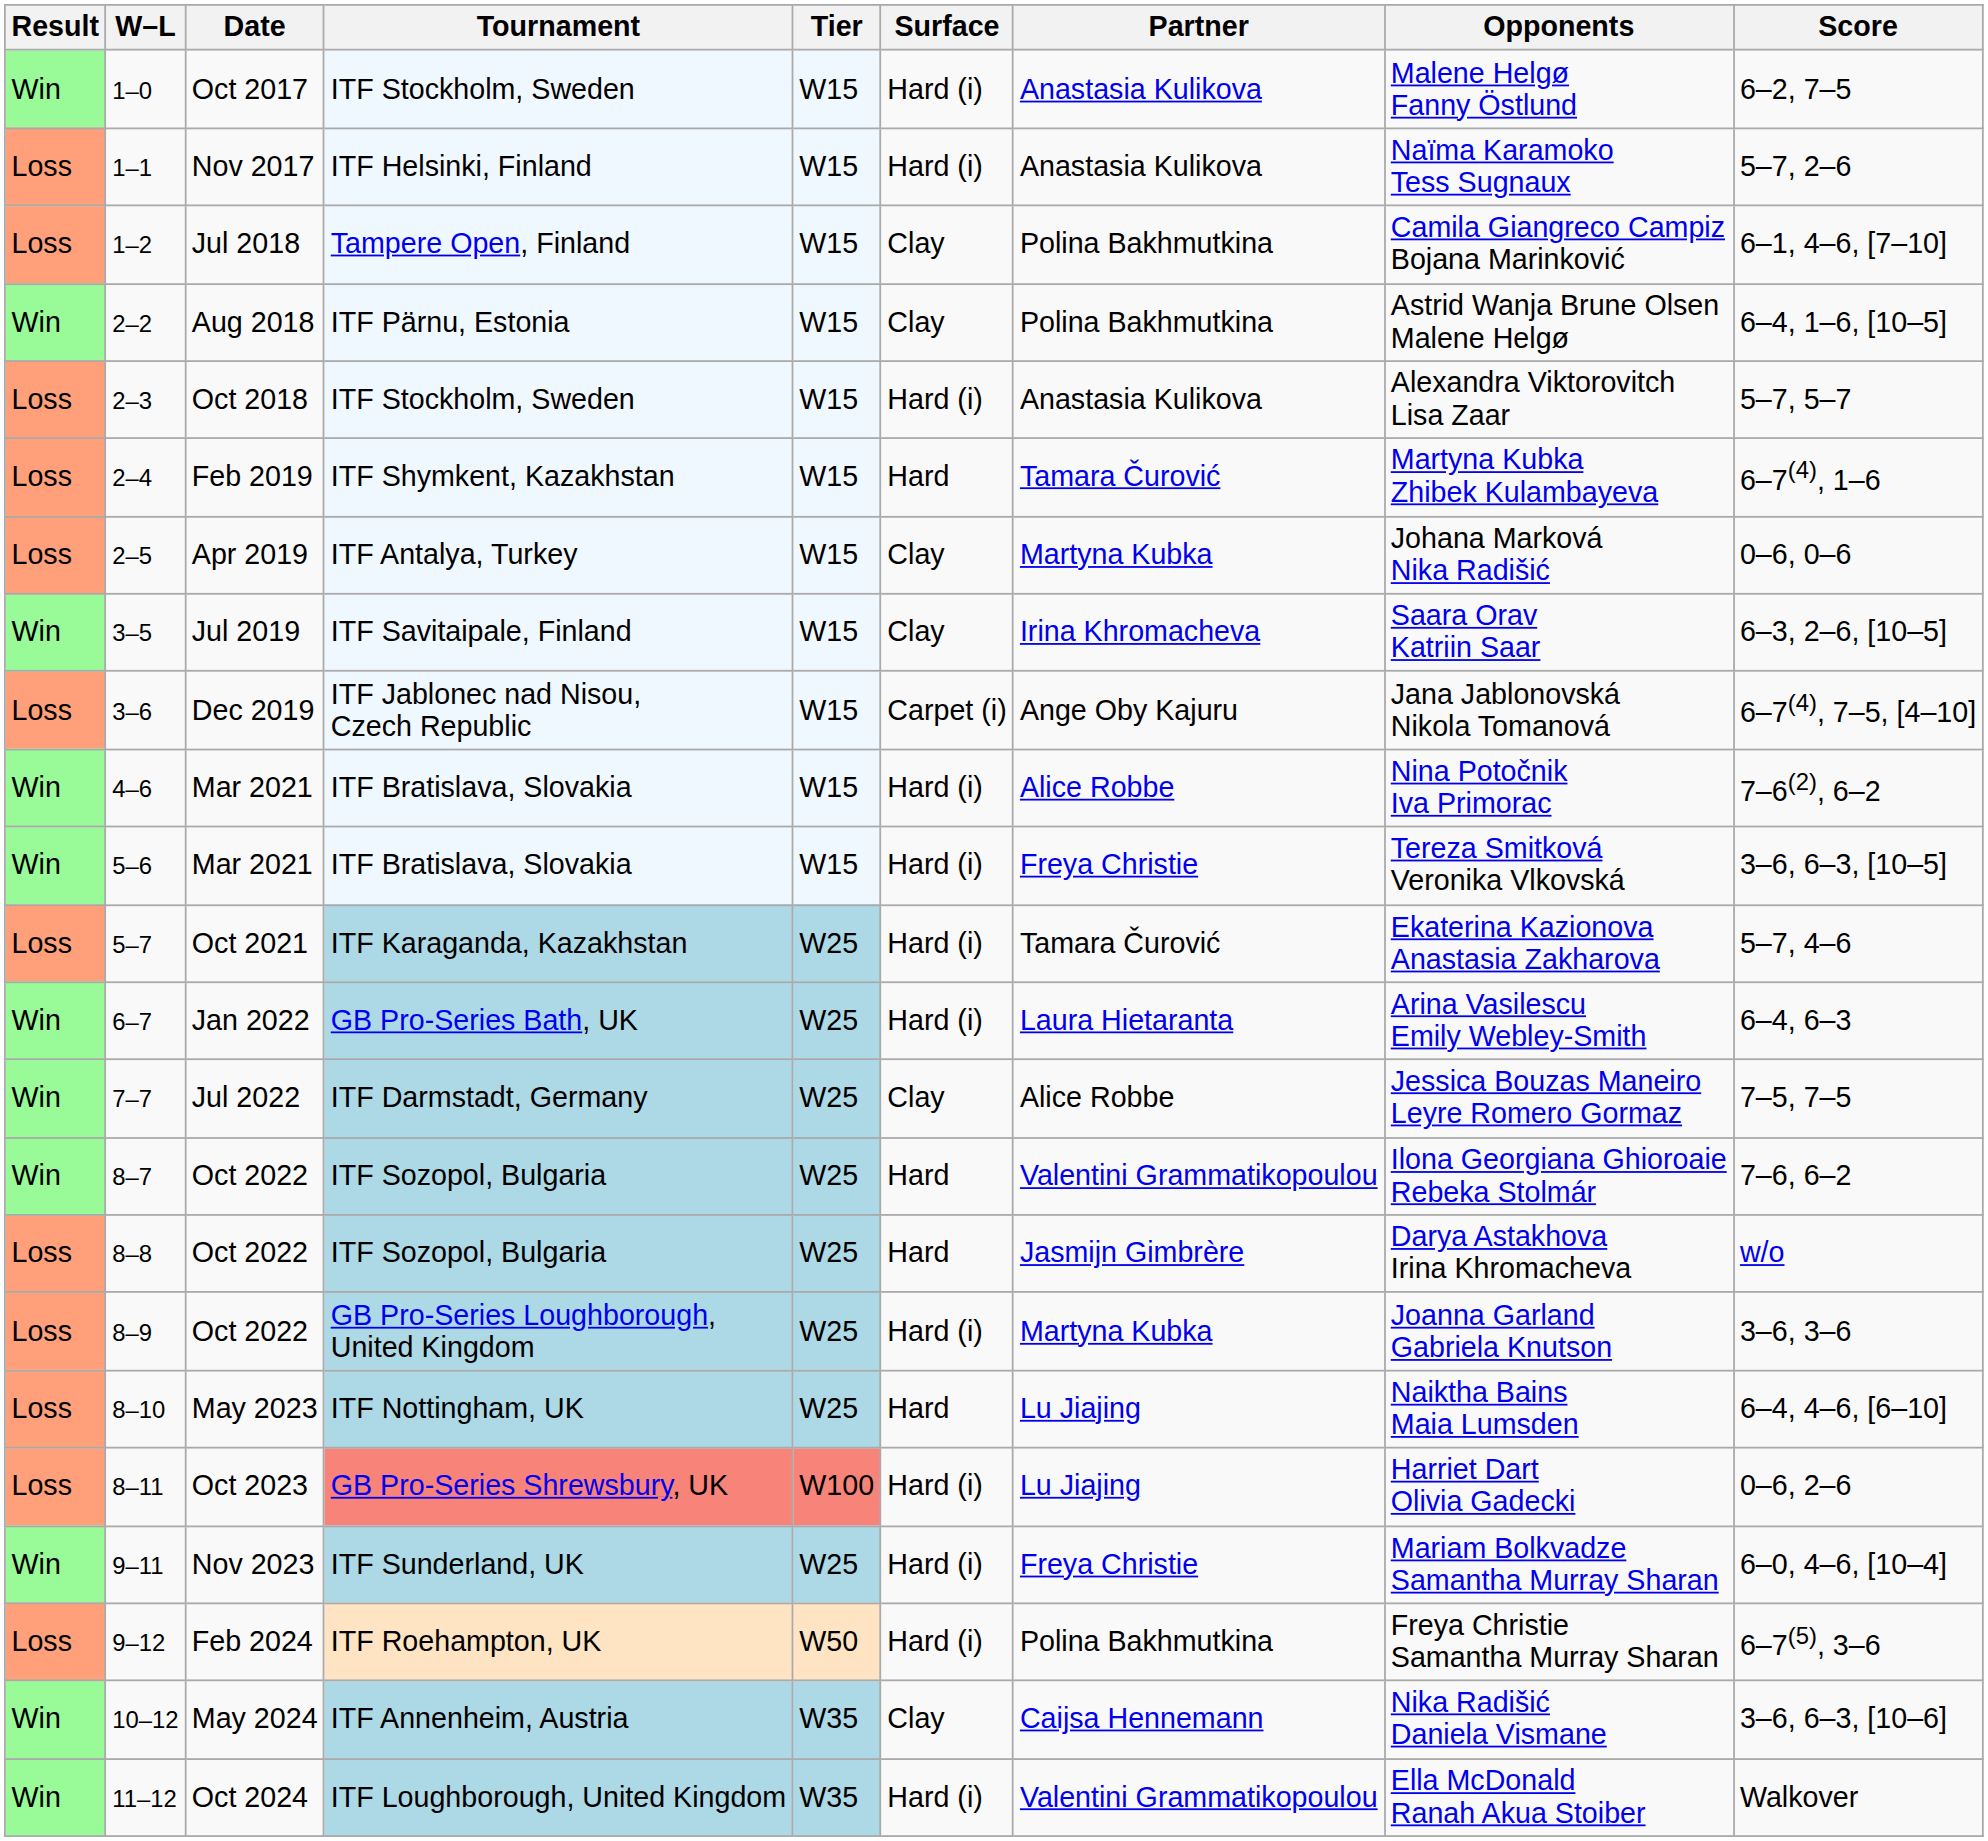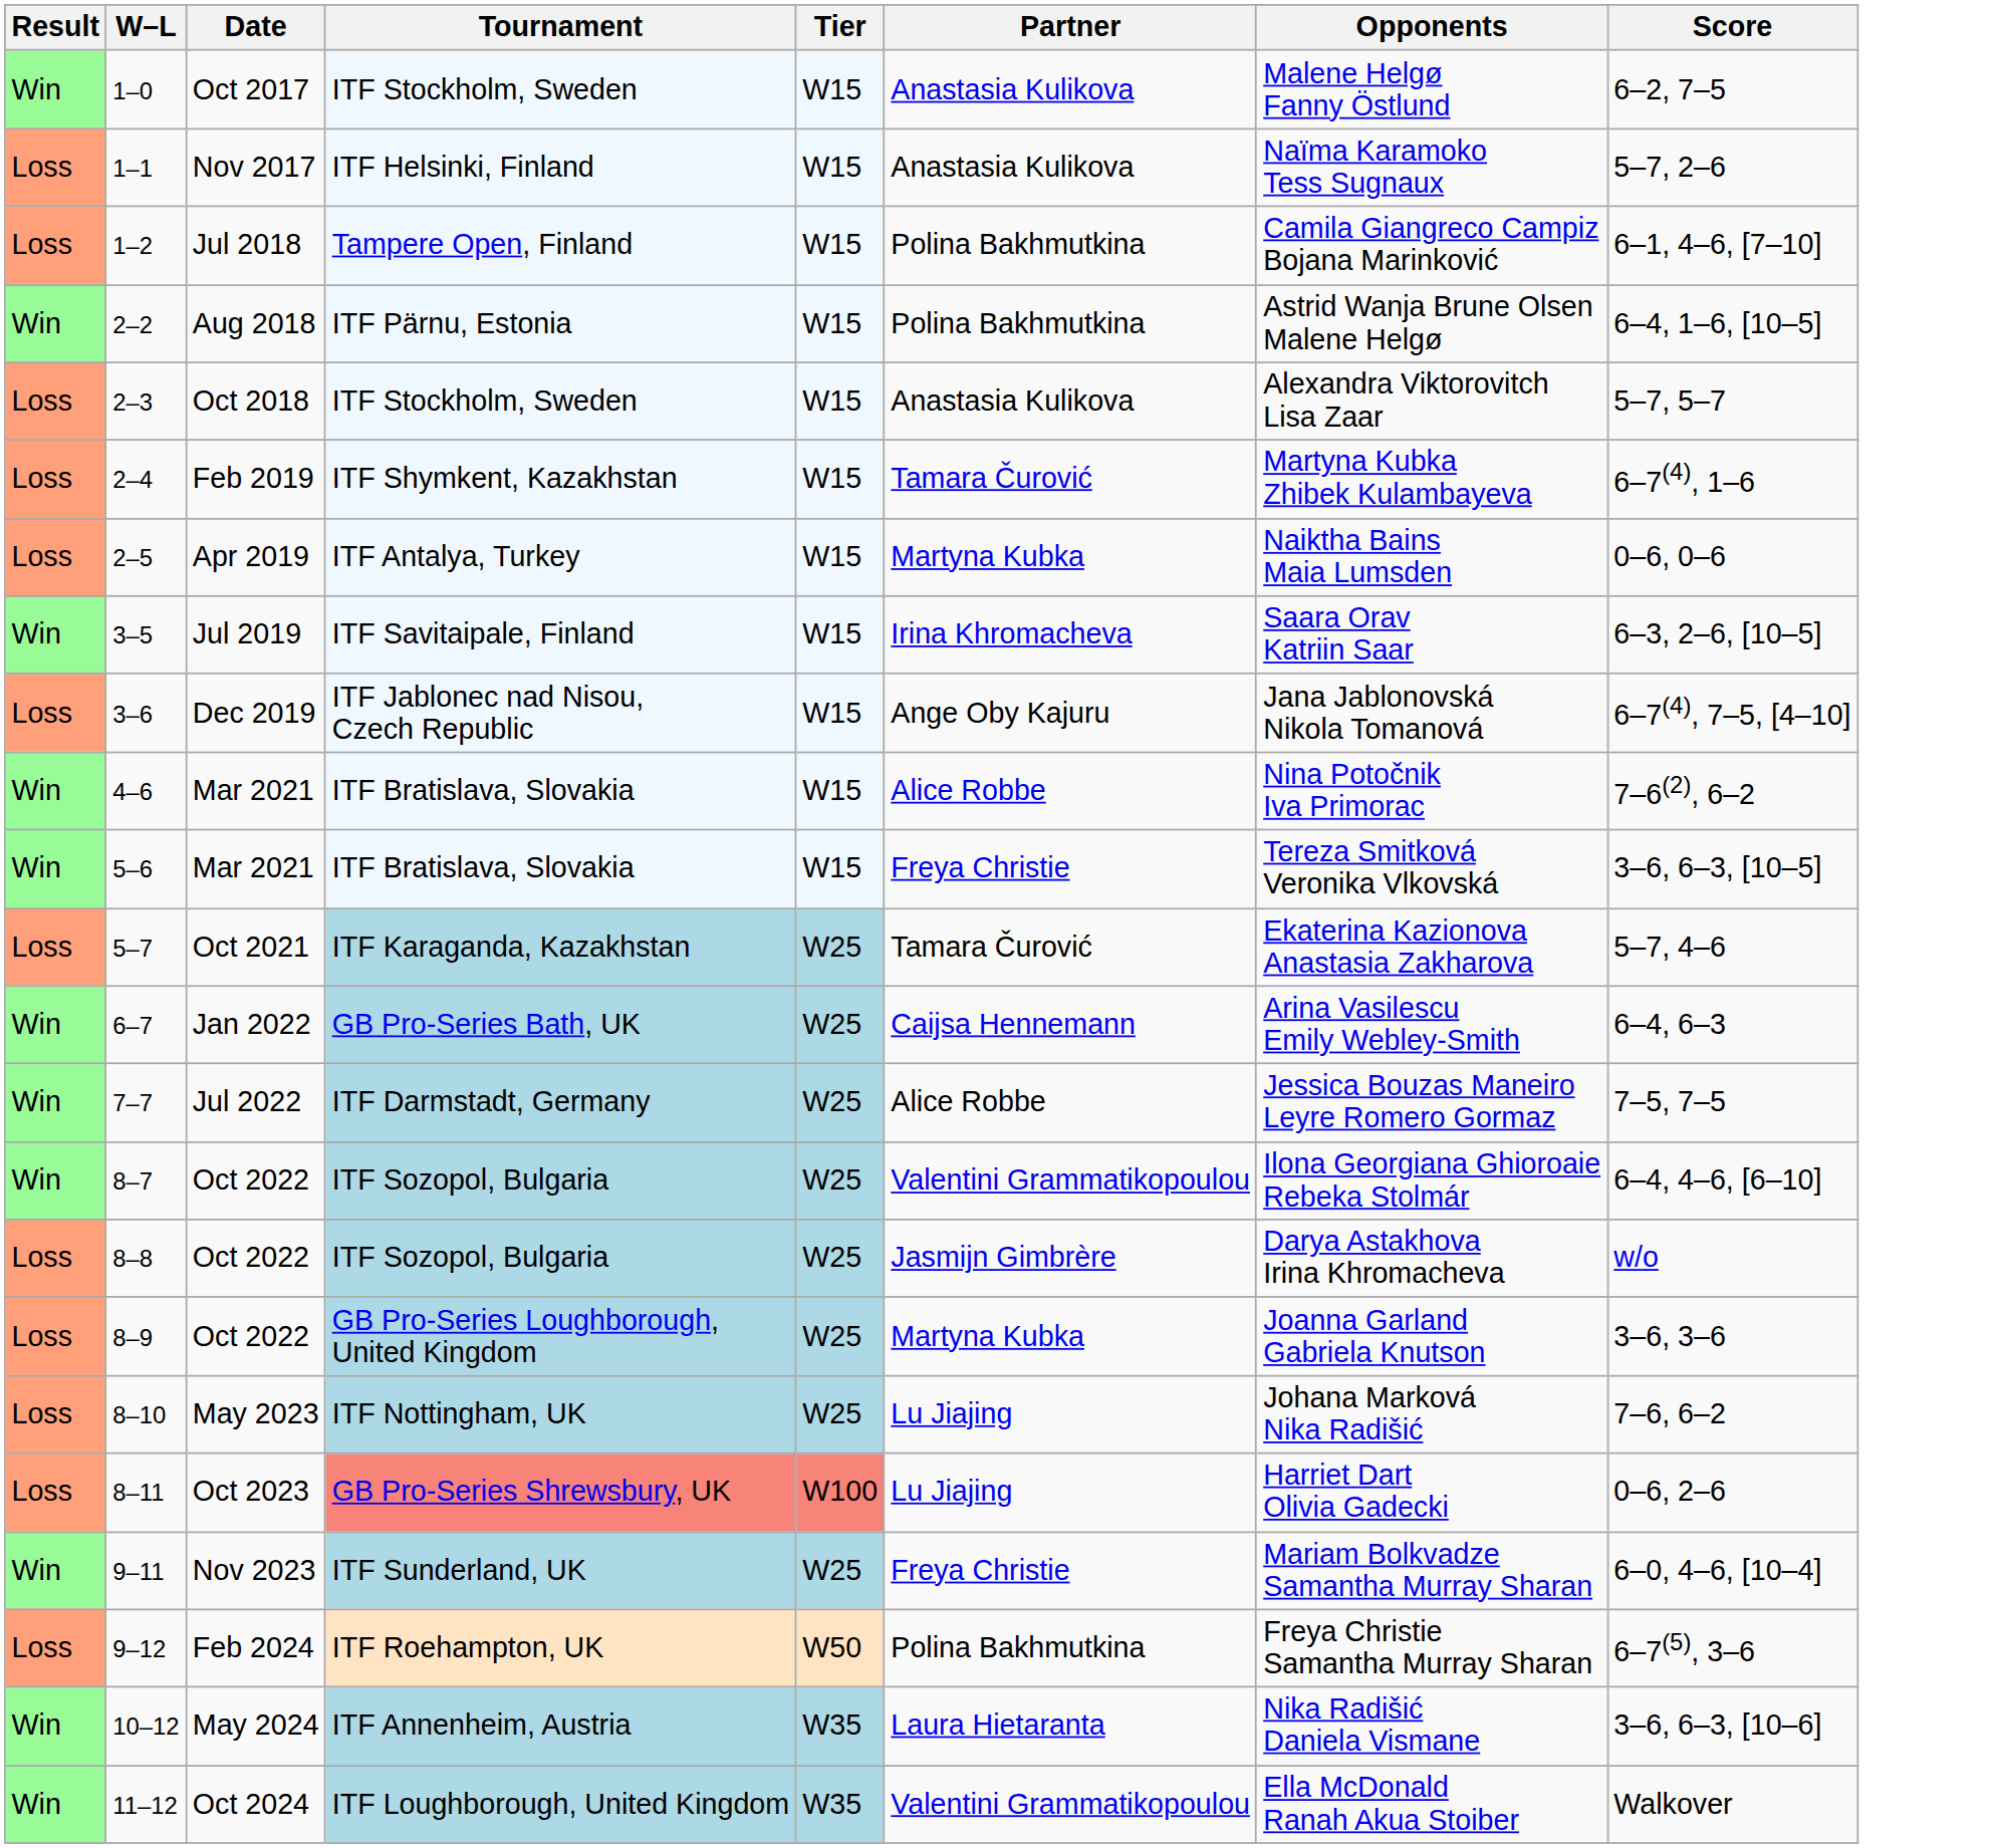 <table class="sortable wikitable">
 <tr>
 <th>Result</th>
 <th class="unsortable">W–L</th>
 <th>Date</th>
 <th>Tournament</th>
 <th>Tier</th>
-<th>Surface</th>
 <th>Partner</th>
 <th>Opponents</th>
 <th class="unsortable">Score</th>
 </tr>
 <tr>
 <td bgcolor="98FB98">Win</td>
 <td><small>1–0</small></td>
 <td>Oct 2017</td>
 <td style="background:#f0f8ff;">ITF Stockholm, Sweden</td>
 <td style="background:#f0f8ff;">W15</td>
-<td>Hard (i)</td>
 <td> <a href='#'>Anastasia Kulikova</a></td>
 <td> <a href='#'>Malene Helgø</a> <br>  <a href='#'>Fanny Östlund</a></td>
 <td>6–2, 7–5</td>
 </tr>
 <tr>
 <td style="background:#ffa07a;">Loss</td>
 <td><small>1–1</small></td>
 <td>Nov 2017</td>
 <td style="background:#f0f8ff;">ITF Helsinki, Finland</td>
 <td style="background:#f0f8ff;">W15</td>
-<td>Hard (i)</td>
 <td> Anastasia Kulikova</td>
 <td> <a href='#'>Naïma Karamoko</a> <br>  <a href='#'>Tess Sugnaux</a></td>
 <td>5–7, 2–6</td>
 </tr>
 <tr>
 <td style="background:#ffa07a;">Loss</td>
 <td><small>1–2</small></td>
 <td>Jul 2018</td>
 <td style="background:#f0f8ff;"><a href='#'>Tampere Open</a>, Finland</td>
 <td style="background:#f0f8ff;">W15</td>
-<td>Clay</td>
 <td> Polina Bakhmutkina</td>
 <td> <a href='#'>Camila Giangreco Campiz</a> <br>  Bojana Marinković</td>
 <td>6–1, 4–6, [7–10]</td>
 </tr>
 <tr>
 <td bgcolor="98FB98">Win</td>
 <td><small>2–2</small></td>
 <td>Aug 2018</td>
 <td style="background:#f0f8ff;">ITF Pärnu, Estonia</td>
 <td style="background:#f0f8ff;">W15</td>
-<td>Clay</td>
 <td> Polina Bakhmutkina</td>
 <td> Astrid Wanja Brune Olsen <br>  Malene Helgø</td>
 <td>6–4, 1–6, [10–5]</td>
 </tr>
 <tr>
 <td style="background:#ffa07a;">Loss</td>
 <td><small>2–3</small></td>
 <td>Oct 2018</td>
 <td style="background:#f0f8ff;">ITF Stockholm, Sweden</td>
 <td style="background:#f0f8ff;">W15</td>
-<td>Hard (i)</td>
 <td> Anastasia Kulikova</td>
 <td> Alexandra Viktorovitch <br>  Lisa Zaar</td>
 <td>5–7, 5–7</td>
 </tr>
 <tr>
 <td style="background:#ffa07a;">Loss</td>
 <td><small>2–4</small></td>
 <td>Feb 2019</td>
 <td style="background:#f0f8ff;">ITF Shymkent, Kazakhstan</td>
 <td style="background:#f0f8ff;">W15</td>
-<td>Hard</td>
 <td> <a href='#'>Tamara Čurović</a></td>
 <td> <a href='#'>Martyna Kubka</a> <br>  <a href='#'>Zhibek Kulambayeva</a></td>
 <td>6–7<sup>(4)</sup>, 1–6</td>
 </tr>
 <tr>
 <td style="background:#ffa07a;">Loss</td>
 <td><small>2–5</small></td>
 <td>Apr 2019</td>
 <td style="background:#f0f8ff;">ITF Antalya, Turkey</td>
 <td style="background:#f0f8ff;">W15</td>
-<td>Clay</td>
 <td> <a href='#'>Martyna Kubka</a></td>
-<td> Johana Marková <br>  <a href='#'>Nika Radišić</a></td>
+<td> <a href='#'>Naiktha Bains</a> <br>  <a href='#'>Maia Lumsden</a></td>
 <td>0–6, 0–6</td>
 </tr>
 <tr>
 <td bgcolor="98FB98">Win</td>
 <td><small>3–5</small></td>
 <td>Jul 2019</td>
 <td style="background:#f0f8ff;">ITF Savitaipale, Finland</td>
 <td style="background:#f0f8ff;">W15</td>
-<td>Clay</td>
 <td> <a href='#'>Irina Khromacheva</a></td>
 <td> <a href='#'>Saara Orav</a> <br>  <a href='#'>Katriin Saar</a></td>
 <td>6–3, 2–6, [10–5]</td>
 </tr>
 <tr>
 <td style="background:#ffa07a;">Loss</td>
 <td><small>3–6</small></td>
 <td>Dec 2019</td>
 <td style="background:#f0f8ff;">ITF Jablonec nad Nisou, <br>Czech Republic</td>
 <td style="background:#f0f8ff;">W15</td>
-<td>Carpet (i)</td>
 <td> Ange Oby Kajuru</td>
 <td> Jana Jablonovská <br>  Nikola Tomanová</td>
 <td>6–7<sup>(4)</sup>, 7–5, [4–10]</td>
 </tr>
 <tr>
 <td bgcolor="98FB98">Win</td>
 <td><small>4–6</small></td>
 <td>Mar 2021</td>
 <td style="background:#f0f8ff;">ITF Bratislava, Slovakia</td>
 <td style="background:#f0f8ff;">W15</td>
-<td>Hard (i)</td>
 <td> <a href='#'>Alice Robbe</a></td>
 <td> <a href='#'>Nina Potočnik</a> <br>  <a href='#'>Iva Primorac</a></td>
 <td>7–6<sup>(2)</sup>, 6–2</td>
 </tr>
 <tr>
 <td bgcolor="98FB98">Win</td>
 <td><small>5–6</small></td>
 <td>Mar 2021</td>
 <td style="background:#f0f8ff;">ITF Bratislava, Slovakia</td>
 <td style="background:#f0f8ff;">W15</td>
-<td>Hard (i)</td>
 <td> <a href='#'>Freya Christie</a></td>
 <td> <a href='#'>Tereza Smitková</a> <br>  Veronika Vlkovská</td>
 <td>3–6, 6–3, [10–5]</td>
 </tr>
 <tr>
 <td style="background:#ffa07a;">Loss</td>
 <td><small>5–7</small></td>
 <td>Oct 2021</td>
 <td style="background:lightblue">ITF Karaganda, Kazakhstan</td>
 <td style="background:lightblue">W25</td>
-<td>Hard (i)</td>
 <td> Tamara Čurović</td>
 <td> <a href='#'>Ekaterina Kazionova</a> <br>  <a href='#'>Anastasia Zakharova</a></td>
 <td>5–7, 4–6</td>
 </tr>
 <tr>
 <td style="background:#98FB98;">Win</td>
 <td><small>6–7</small></td>
 <td>Jan 2022</td>
 <td style="background:lightblue"><a href='#'>GB Pro-Series Bath</a>, UK</td>
 <td style="background:lightblue">W25</td>
-<td>Hard (i)</td>
-<td> <a href='#'>Laura Hietaranta</a></td>
+<td> <a href='#'>Caijsa Hennemann</a></td>
 <td> <a href='#'>Arina Vasilescu</a> <br>  <a href='#'>Emily Webley-Smith</a></td>
 <td>6–4, 6–3</td>
 </tr>
 <tr>
 <td style="background:#98FB98;">Win</td>
 <td><small>7–7</small></td>
 <td>Jul 2022</td>
 <td style="background:lightblue">ITF Darmstadt, Germany</td>
 <td style="background:lightblue">W25</td>
-<td>Clay</td>
 <td> Alice Robbe</td>
 <td> <a href='#'>Jessica Bouzas Maneiro</a> <br>  <a href='#'>Leyre Romero Gormaz</a></td>
 <td>7–5, 7–5</td>
 </tr>
 <tr>
 <td style="background:#98FB98;">Win</td>
 <td><small>8–7</small></td>
 <td>Oct 2022</td>
 <td style="background:lightblue">ITF Sozopol, Bulgaria</td>
 <td style="background:lightblue">W25</td>
-<td>Hard</td>
 <td> <a href='#'>Valentini Grammatikopoulou</a></td>
 <td> <a href='#'>Ilona Georgiana Ghioroaie</a> <br>  <a href='#'>Rebeka Stolmár</a></td>
-<td>7–6, 6–2</td>
+<td>6–4, 4–6, [6–10]</td>
 </tr>
 <tr>
 <td style="background:#ffa07a;">Loss</td>
 <td><small>8–8</small></td>
 <td>Oct 2022</td>
 <td style="background:lightblue">ITF Sozopol, Bulgaria</td>
 <td style="background:lightblue">W25</td>
-<td>Hard</td>
 <td> <a href='#'>Jasmijn Gimbrère</a></td>
 <td> <a href='#'>Darya Astakhova</a> <br>  Irina Khromacheva</td>
 <td><a href='#'>w/o</a></td>
 </tr>
 <tr>
 <td style="background:#ffa07a;">Loss</td>
 <td><small>8–9</small></td>
 <td>Oct 2022</td>
 <td style="background:lightblue"><a href='#'>GB Pro-Series Loughborough</a>, <br>United Kingdom</td>
 <td style="background:lightblue">W25</td>
-<td>Hard (i)</td>
 <td> <a href='#'>Martyna Kubka</a></td>
 <td> <a href='#'>Joanna Garland</a> <br>  <a href='#'>Gabriela Knutson</a></td>
 <td>3–6, 3–6</td>
 </tr>
 <tr>
 <td style="background:#ffa07a;">Loss</td>
 <td><small>8–10</small></td>
 <td>May 2023</td>
 <td style="background:lightblue;">ITF Nottingham, UK</td>
 <td style="background:lightblue;">W25</td>
-<td>Hard</td>
 <td> <a href='#'>Lu Jiajing</a></td>
-<td> <a href='#'>Naiktha Bains</a> <br>  <a href='#'>Maia Lumsden</a></td>
-<td>6–4, 4–6, [6–10]</td>
+<td> Johana Marková <br>  <a href='#'>Nika Radišić</a></td>
+<td>7–6, 6–2</td>
 </tr>
 <tr>
 <td style="background:#ffa07a;">Loss</td>
 <td><small>8–11</small></td>
 <td>Oct 2023</td>
 <td style="background:#f88379;"><a href='#'>GB Pro-Series Shrewsbury</a>, UK</td>
 <td style="background:#f88379;">W100</td>
-<td>Hard (i)</td>
 <td> <a href='#'>Lu Jiajing</a></td>
 <td> <a href='#'>Harriet Dart</a> <br>  <a href='#'>Olivia Gadecki</a></td>
 <td>0–6, 2–6</td>
 </tr>
 <tr>
 <td style="background:#98fb98;">Win</td>
 <td><small>9–11</small></td>
 <td>Nov 2023</td>
 <td style="background:lightblue;">ITF Sunderland, UK</td>
 <td style="background:lightblue;">W25</td>
-<td>Hard (i)</td>
 <td> <a href='#'>Freya Christie</a></td>
 <td> <a href='#'>Mariam Bolkvadze</a> <br>  <a href='#'>Samantha Murray Sharan</a></td>
 <td>6–0, 4–6, [10–4]</td>
 </tr>
 <tr>
 <td style="background:#ffa07a;">Loss</td>
 <td><small>9–12</small></td>
 <td>Feb 2024</td>
 <td style="background:#ffe4c4;">ITF Roehampton, UK</td>
 <td style="background:#ffe4c4;">W50</td>
-<td>Hard (i)</td>
 <td> Polina Bakhmutkina</td>
 <td> Freya Christie <br> Samantha Murray Sharan</td>
 <td>6–7<sup>(5)</sup>, 3–6</td>
 </tr>
 <tr>
 <td style="background:#98FB98;">Win</td>
 <td><small>10–12</small></td>
 <td>May 2024</td>
 <td style="background:lightblue;">ITF Annenheim, Austria</td>
 <td style="background:lightblue;">W35</td>
-<td>Clay</td>
-<td> <a href='#'>Caijsa Hennemann</a></td>
+<td> <a href='#'>Laura Hietaranta</a></td>
 <td> <a href='#'>Nika Radišić</a> <br>  <a href='#'>Daniela Vismane</a></td>
 <td>3–6, 6–3, [10–6]</td>
 </tr>
 <tr>
 <td style="background:#98FB98;">Win</td>
 <td><small>11–12</small></td>
 <td>Oct 2024</td>
 <td style="background:lightblue;">ITF Loughborough, United Kingdom</td>
 <td style="background:lightblue;">W35</td>
-<td>Hard (i)</td>
 <td> <a href='#'>Valentini Grammatikopoulou</a></td>
 <td> <a href='#'>Ella McDonald</a> <br>  <a href='#'>Ranah Akua Stoiber</a></td>
 <td>Walkover</td>
 </tr>
 </table>
